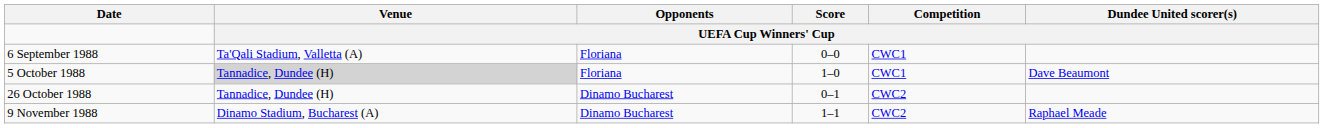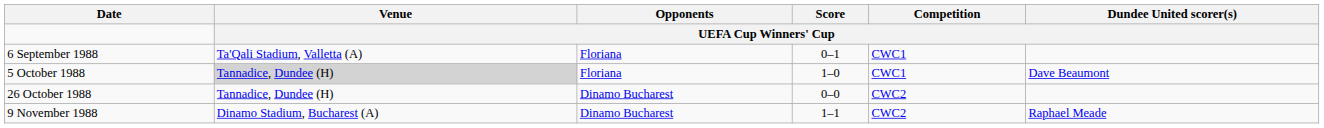 <table class="wikitable" width=85%>
 <tr>
 <th>Date</th>
 <th>Venue</th>
 <th>Opponents</th>
 <th>Score</th>
 <th>Competition</th>
 <th>Dundee United scorer(s)</th>
 </tr>
 <tr>
 <td></td>
 <th colspan=7>UEFA Cup Winners' Cup</th>
 </tr>
 <tr>
 <td>6 September 1988</td>
 <td><a href='#'>Ta'Qali Stadium</a>, <a href='#'>Valletta</a> (A)</td>
 <td><a href='#'>Floriana</a></td>
-<td align=center>0–0</td>
+<td align=center>0–1</td>
 <td><a href='#'>CWC1</a></td>
 <td></td>
 </tr>
 <tr>
 <td>5 October 1988</td>
 <td style="background: lightgrey;"><a href='#'>Tannadice</a>, <a href='#'>Dundee</a> (H)</td>
 <td><a href='#'>Floriana</a></td>
 <td align=center>1–0</td>
 <td><a href='#'>CWC1</a></td>
 <td><a href='#'>Dave Beaumont</a></td>
 </tr>
 <tr>
 <td>26 October 1988</td>
 <td><a href='#'>Tannadice</a>, <a href='#'>Dundee</a> (H)</td>
 <td><a href='#'>Dinamo Bucharest</a></td>
-<td align=center>0–1</td>
+<td align=center>0–0</td>
 <td><a href='#'>CWC2</a></td>
 <td></td>
 </tr>
 <tr>
 <td>9 November 1988</td>
 <td><a href='#'>Dinamo Stadium</a>, <a href='#'>Bucharest</a> (A)</td>
 <td><a href='#'>Dinamo Bucharest</a></td>
 <td align=center>1–1</td>
 <td><a href='#'>CWC2</a></td>
 <td><a href='#'>Raphael Meade</a></td>
 </tr>
 </table>
